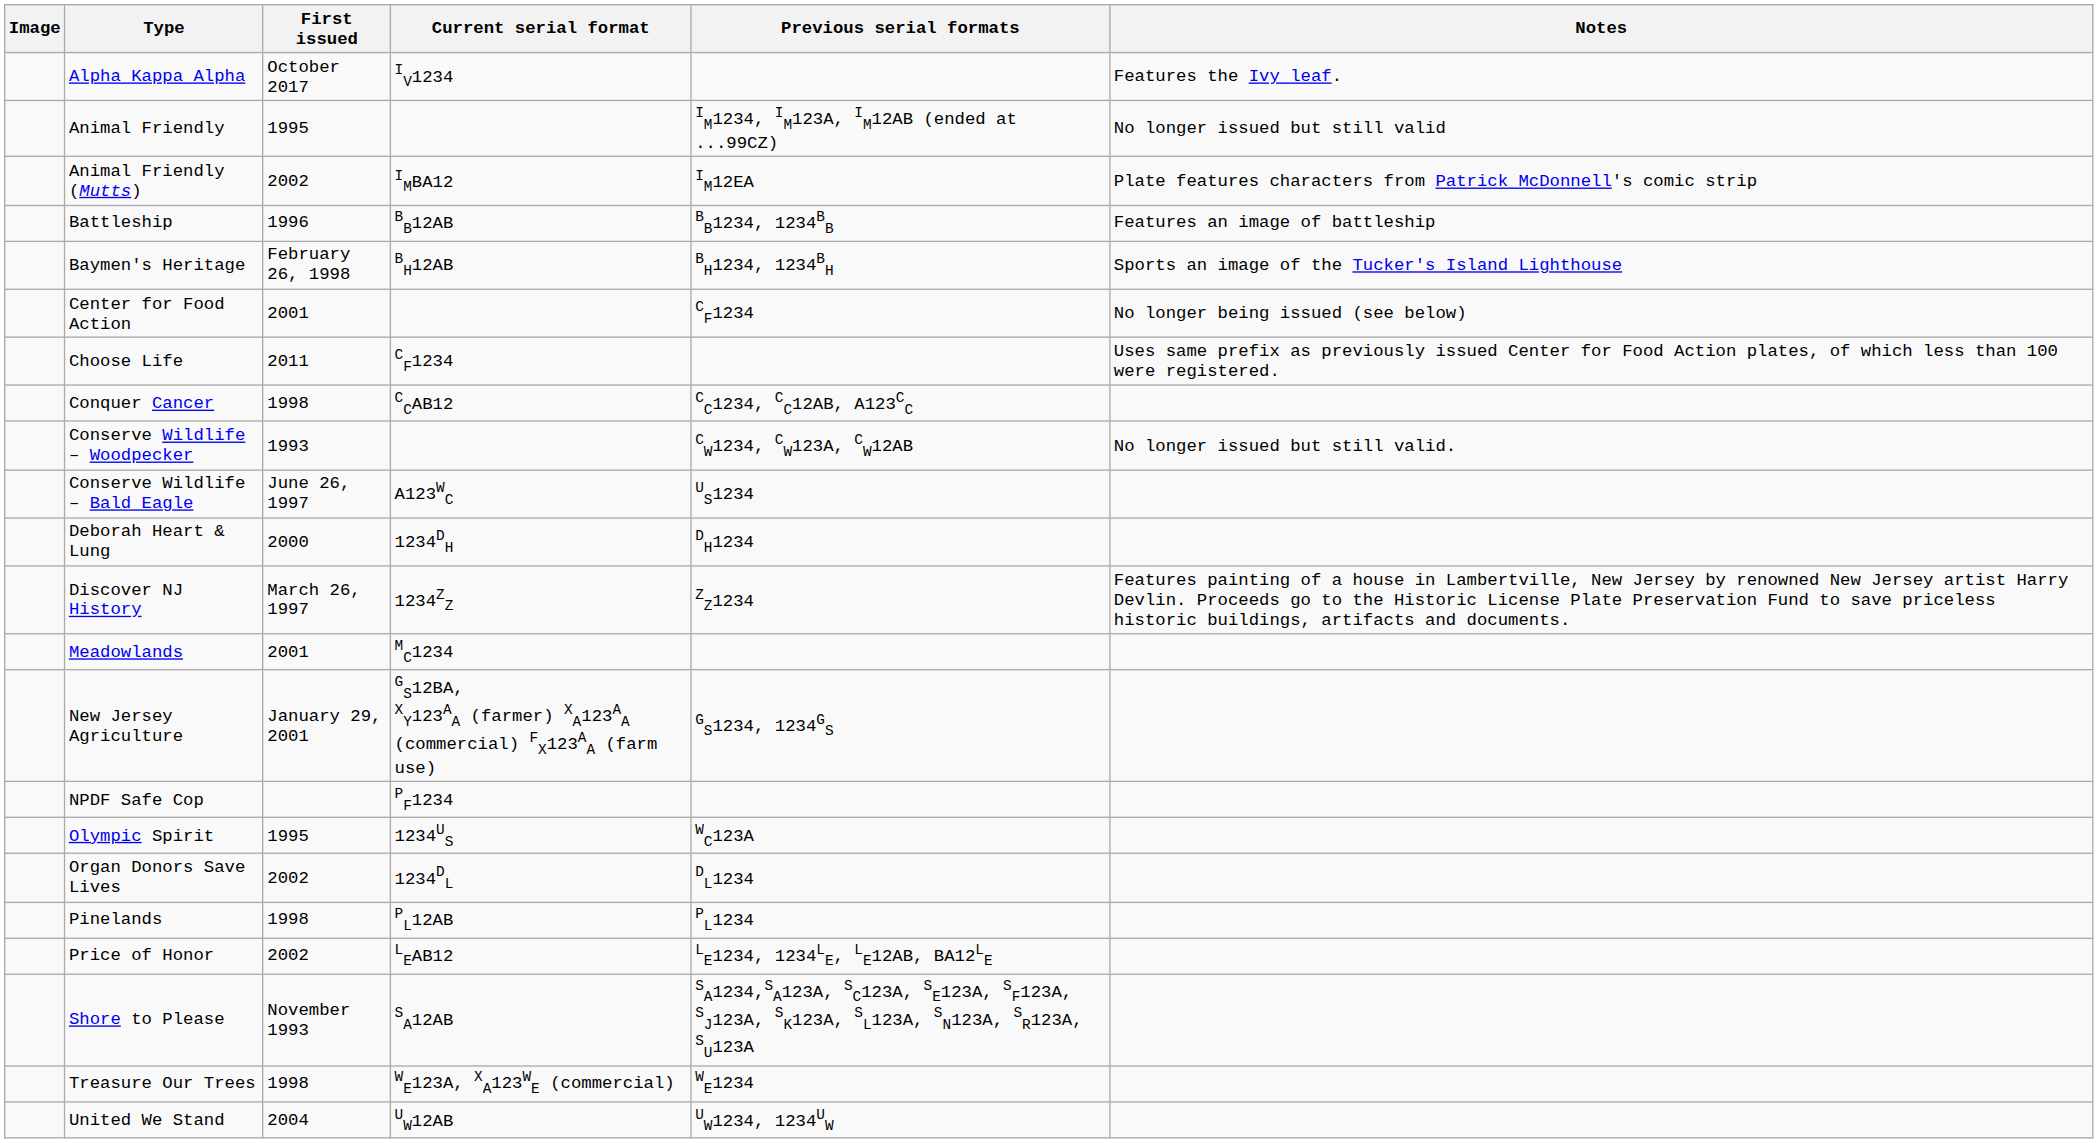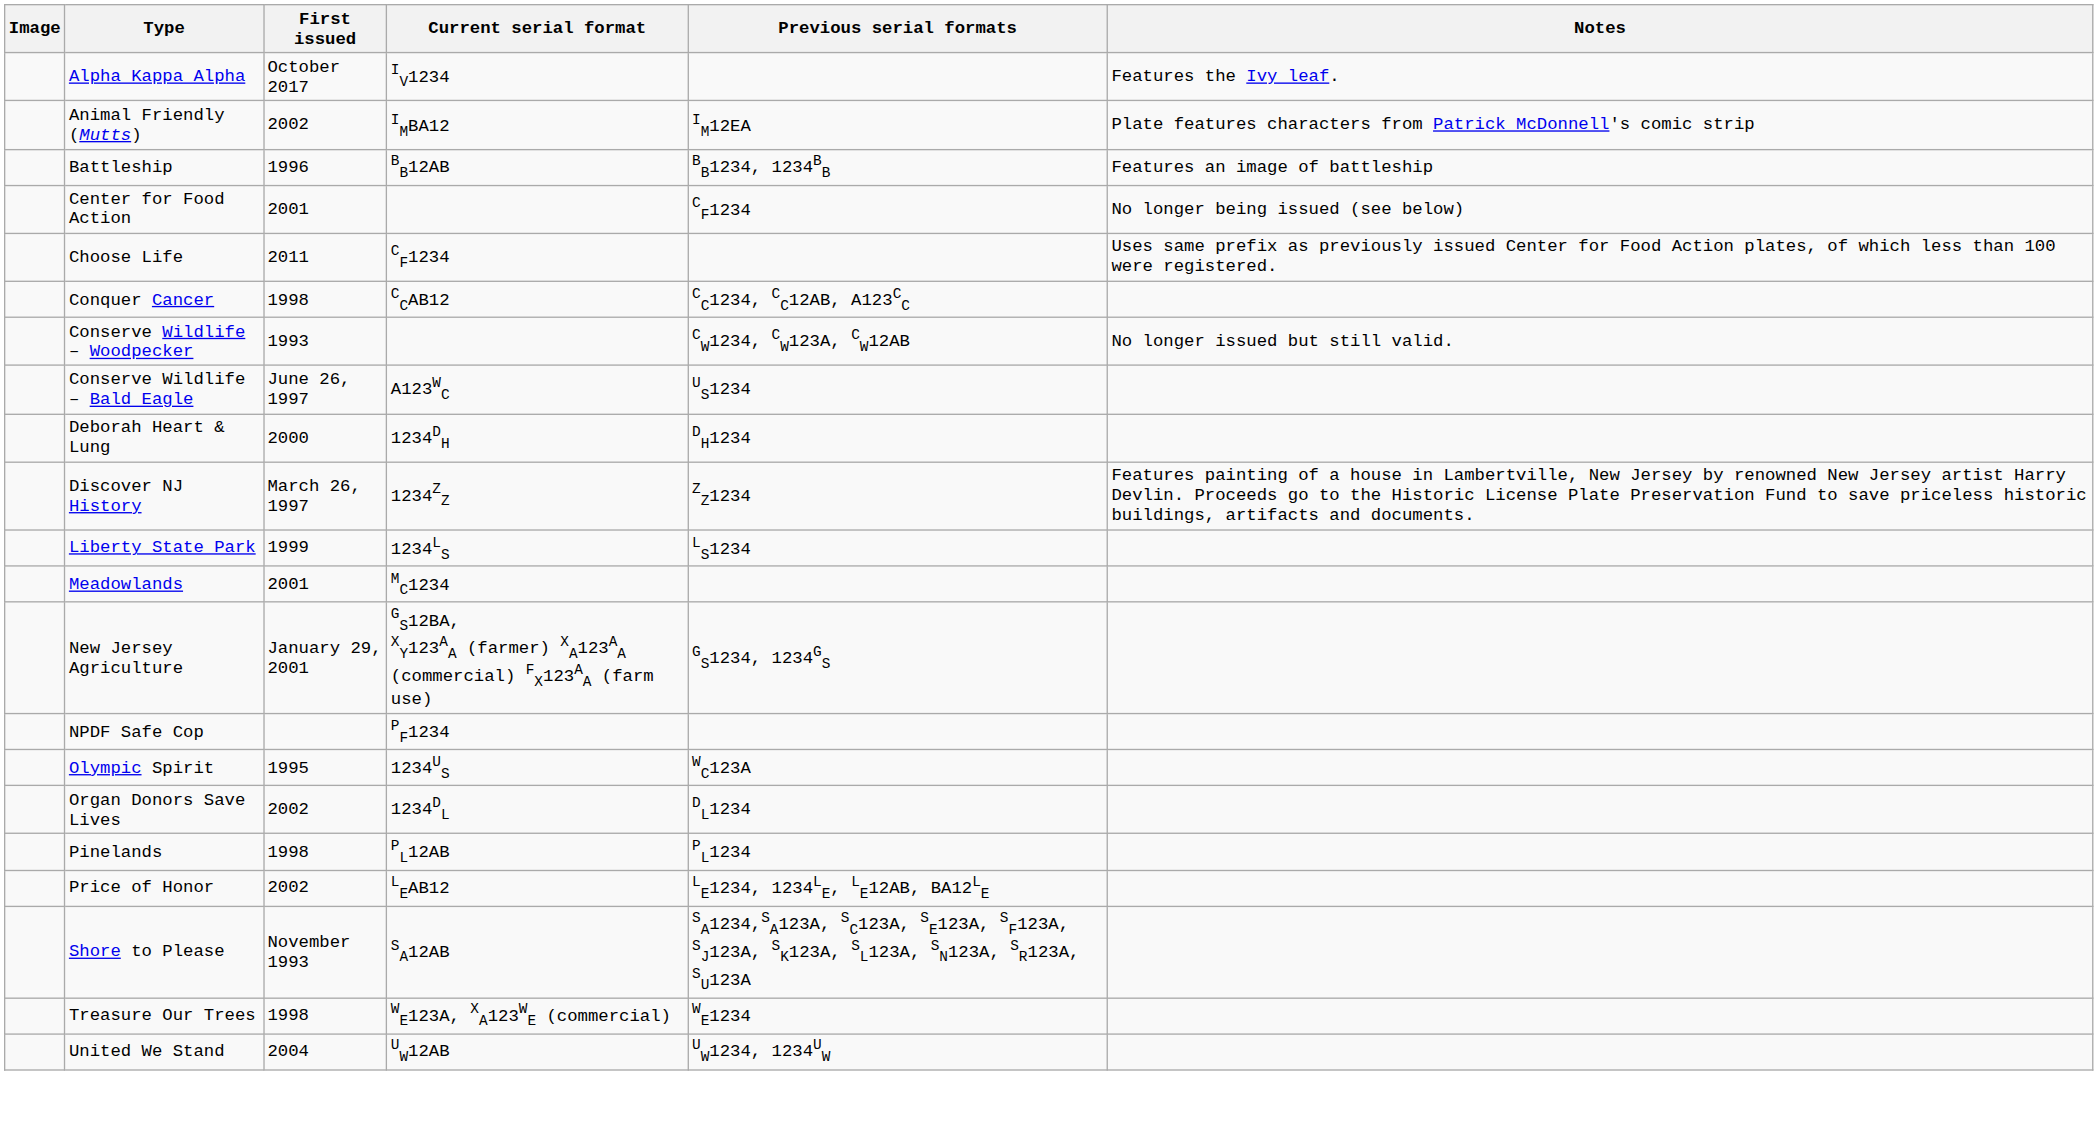 <table class="wikitable sortable">
 <tr>
 <th>Image</th>
 <th>Type</th>
 <th>First issued</th>
 <th>Current serial format</th>
 <th>Previous serial formats</th>
 <th>Notes</th>
 </tr>
 <tr>
 <td></td>
 <td><a href='#'>Alpha Kappa Alpha</a></td>
 <td>October 2017</td>
 <td><sup>I</sup><sub>V</sub>1234</td>
 <td></td>
 <td>Features the <a href='#'>Ivy leaf</a>.</td>
 </tr>
 <tr>
 <td></td>
-<td>Animal Friendly</td>
-<td>1995</td>
-<td></td>
-<td><sup>I</sup><sub>M</sub>1234, <sup>I</sup><sub>M</sub>123A, <sup>I</sup><sub>M</sub>12AB (ended at ...99CZ)</td>
-<td>No longer issued but still valid</td>
-</tr>
-<tr>
-<td></td>
 <td>Animal Friendly (<a href='#'><em>Mutts</em></a>)</td>
 <td>2002</td>
 <td><sup>I</sup><sub>M</sub>BA12</td>
 <td><sup>I</sup><sub>M</sub>12EA</td>
 <td>Plate features characters from <a href='#'>Patrick McDonnell</a>'s comic strip</td>
 </tr>
 <tr>
 <td></td>
 <td>Battleship</td>
 <td>1996</td>
 <td><sup>B</sup><sub>B</sub>12AB</td>
 <td><sup>B</sup><sub>B</sub>1234, 1234<sup>B</sup><sub>B</sub></td>
 <td>Features an image of battleship </td>
-</tr>
-<tr>
-<td></td>
-<td>Baymen's Heritage</td>
-<td>February 26, 1998</td>
-<td><sup>B</sup><sub>H</sub>12AB</td>
-<td><sup>B</sup><sub>H</sub>1234, 1234<sup>B</sup><sub>H</sub></td>
-<td>Sports an image of the <a href='#'>Tucker's Island Lighthouse</a></td>
 </tr>
 <tr>
 <td></td>
 <td>Center for Food Action</td>
 <td>2001</td>
 <td></td>
 <td><sup>C</sup><sub>F</sub>1234</td>
 <td>No longer being issued (see below)</td>
 </tr>
 <tr>
 <td></td>
 <td>Choose Life</td>
 <td>2011</td>
 <td><sup>C</sup><sub>F</sub>1234</td>
 <td></td>
 <td>Uses same prefix as previously issued Center for Food Action plates, of which less than 100 were registered.</td>
 </tr>
 <tr>
 <td></td>
 <td>Conquer <a href='#'>Cancer</a></td>
 <td>1998</td>
 <td><sup>C</sup><sub>C</sub>AB12</td>
 <td><sup>C</sup><sub>C</sub>1234, <sup>C</sup><sub>C</sub>12AB, A123<sup>C</sup><sub>C</sub></td>
 <td></td>
 </tr>
 <tr>
 <td></td>
 <td>Conserve <a href='#'>Wildlife</a> – <a href='#'>Woodpecker</a></td>
 <td>1993</td>
 <td></td>
 <td><sup>C</sup><sub>W</sub>1234, <sup>C</sup><sub>W</sub>123A, <sup>C</sup><sub>W</sub>12AB</td>
 <td>No longer issued but still valid.</td>
 </tr>
 <tr>
 <td></td>
 <td>Conserve Wildlife – <a href='#'>Bald Eagle</a></td>
 <td>June 26, 1997</td>
 <td>A123<sup>W</sup><sub>C</sub></td>
 <td><sup>U</sup><sub>S</sub>1234</td>
 <td></td>
 </tr>
 <tr>
 <td></td>
 <td>Deborah Heart & Lung</td>
 <td>2000</td>
 <td>1234<sup>D</sup><sub>H</sub></td>
 <td><sup>D</sup><sub>H</sub>1234</td>
 <td></td>
 </tr>
 <tr>
 <td></td>
 <td>Discover NJ <a href='#'>History</a></td>
 <td>March 26, 1997</td>
 <td>1234<sup>Z</sup><sub>Z</sub></td>
 <td><sup>Z</sup><sub>Z</sub>1234</td>
 <td>Features painting of a house in Lambertville, New Jersey by renowned New Jersey artist Harry Devlin. Proceeds go to the Historic License Plate Preservation Fund to save priceless historic buildings, artifacts and documents.</td>
+</tr>
+<tr>
+<td></td>
+<td><a href='#'>Liberty State Park</a></td>
+<td>1999</td>
+<td>1234<sup>L</sup><sub>S</sub></td>
+<td><sup>L</sup><sub>S</sub>1234</td>
+<td></td>
 </tr>
 <tr>
 <td></td>
 <td><a href='#'>Meadowlands</a></td>
 <td>2001</td>
 <td><sup>M</sup><sub>C</sub>1234</td>
 <td></td>
 <td></td>
 </tr>
 <tr>
 <td></td>
 <td>New Jersey Agriculture</td>
 <td>January 29, 2001</td>
 <td><sup>G</sup><sub>S</sub>12BA,<br><sup>X</sup><sub>Y</sub>123<sup>A</sup><sub>A</sub> (farmer) <sup>X</sup><sub>A</sub>123<sup>A</sup><sub>A</sub> (commercial) <sup>F</sup><sub>X</sub>123<sup>A</sup><sub>A</sub> (farm use)</td>
 <td><sup>G</sup><sub>S</sub>1234, 1234<sup>G</sup><sub>S</sub></td>
 <td></td>
 </tr>
 <tr>
 <td></td>
 <td>NPDF Safe Cop</td>
 <td></td>
 <td><sup>P</sup><sub>F</sub>1234</td>
 <td></td>
 <td></td>
 </tr>
 <tr>
 <td></td>
 <td><a href='#'>Olympic</a> Spirit</td>
 <td>1995</td>
 <td>1234<sup>U</sup><sub>S</sub></td>
 <td><sup>W</sup><sub>C</sub>123A</td>
 <td></td>
 </tr>
 <tr>
 <td></td>
 <td>Organ Donors Save Lives</td>
 <td>2002</td>
 <td>1234<sup>D</sup><sub>L</sub></td>
 <td><sup>D</sup><sub>L</sub>1234</td>
 <td></td>
 </tr>
 <tr>
 <td></td>
 <td>Pinelands</td>
 <td>1998</td>
 <td><sup>P</sup><sub>L</sub>12AB</td>
 <td><sup>P</sup><sub>L</sub>1234</td>
 <td></td>
 </tr>
 <tr>
 <td></td>
 <td>Price of Honor</td>
 <td>2002</td>
 <td><sup>L</sup><sub>E</sub>AB12</td>
 <td><sup>L</sup><sub>E</sub>1234, 1234<sup>L</sup><sub>E</sub>, <sup>L</sup><sub>E</sub>12AB, BA12<sup>L</sup><sub>E</sub></td>
 <td></td>
 </tr>
 <tr>
 <td></td>
 <td><a href='#'>Shore</a> to Please</td>
 <td>November 1993</td>
 <td><sup>S</sup><sub>A</sub>12AB</td>
 <td><sup>S</sup><sub>A</sub>1234,<sup>S</sup><sub>A</sub>123A, <sup>S</sup><sub>C</sub>123A, <sup>S</sup><sub>E</sub>123A, <sup>S</sup><sub>F</sub>123A, <sup>S</sup><sub>J</sub>123A, <sup>S</sup><sub>K</sub>123A, <sup>S</sup><sub>L</sub>123A, <sup>S</sup><sub>N</sub>123A, <sup>S</sup><sub>R</sub>123A, <sup>S</sup><sub>U</sub>123A</td>
 <td></td>
 </tr>
 <tr>
 <td></td>
 <td>Treasure Our Trees</td>
 <td>1998</td>
 <td><sup>W</sup><sub>E</sub>123A, <sup>X</sup><sub>A</sub>123<sup>W</sup><sub>E</sub> (commercial)</td>
 <td><sup>W</sup><sub>E</sub>1234</td>
 <td></td>
 </tr>
 <tr>
 <td></td>
 <td>United We Stand</td>
 <td>2004</td>
 <td><sup>U</sup><sub>W</sub>12AB</td>
 <td><sup>U</sup><sub>W</sub>1234, 1234<sup>U</sup><sub>W</sub></td>
 <td></td>
 </tr>
 </table>
